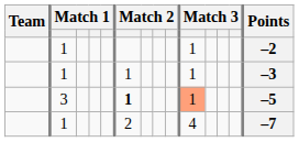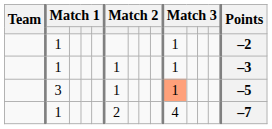 <table class="wikitable sortable" style="text-align:center;">
 <tr>
 <th rowspan=2>Team</th>
 <th colspan=4 style="border-left:3px solid gray">Match 1</th>
 <th colspan=4 style="border-left:3px solid gray">Match 2</th>
 <th colspan=4 style="border-left:3px solid gray">Match 3</th>
 <th rowspan=2 style="border-left:3px solid gray">Points</th>
 </tr>
 <tr>
 <th style="border-left:3px solid gray"></th>
 <th></th>
 <th></th>
 <th></th>
 <th style="border-left:3px solid gray"></th>
 <th></th>
 <th></th>
 <th></th>
 <th style="border-left:3px solid gray"></th>
 <th></th>
 <th></th>
 <th></th>
 </tr>
 <tr>
 <td align=left></td>
 <td style="border-left:3px solid gray">1</td>
 <td></td>
 <td></td>
 <td></td>
 <td style="border-left:3px solid gray"></td>
 <td></td>
 <td></td>
 <td></td>
 <td style="border-left:3px solid gray">1</td>
 <td></td>
 <td></td>
 <td></td>
 <th style="border-left:3px solid gray">–2</th>
 </tr>
 <tr>
 <td align=left></td>
 <td style="border-left:3px solid gray">1</td>
 <td></td>
 <td></td>
 <td></td>
 <td style="border-left:3px solid gray">1</td>
 <td></td>
 <td></td>
 <td></td>
 <td style="border-left:3px solid gray">1</td>
 <td></td>
 <td></td>
 <td></td>
 <th style="border-left:3px solid gray">–3</th>
 </tr>
 <tr>
 <td align=left></td>
 <td style="border-left:3px solid gray">3</td>
 <td></td>
 <td></td>
 <td></td>
-<td style="border-left:3px solid gray"><strong>1</strong></td>
+<td style="border-left:3px solid gray">1</td>
 <td></td>
 <td></td>
 <td></td>
 <td style="background: lightsalmon; border-left:3px solid gray">1</td>
 <td></td>
 <td></td>
 <td></td>
 <th style="border-left:3px solid gray">–5</th>
 </tr>
 <tr>
 <td align=left></td>
 <td style="border-left:3px solid gray">1</td>
 <td></td>
 <td></td>
 <td></td>
 <td style="border-left:3px solid gray">2</td>
 <td></td>
 <td></td>
 <td></td>
 <td style="border-left:3px solid gray">4</td>
 <td></td>
 <td></td>
 <td></td>
 <th style="border-left:3px solid gray">–7</th>
 </tr>
 </table>
